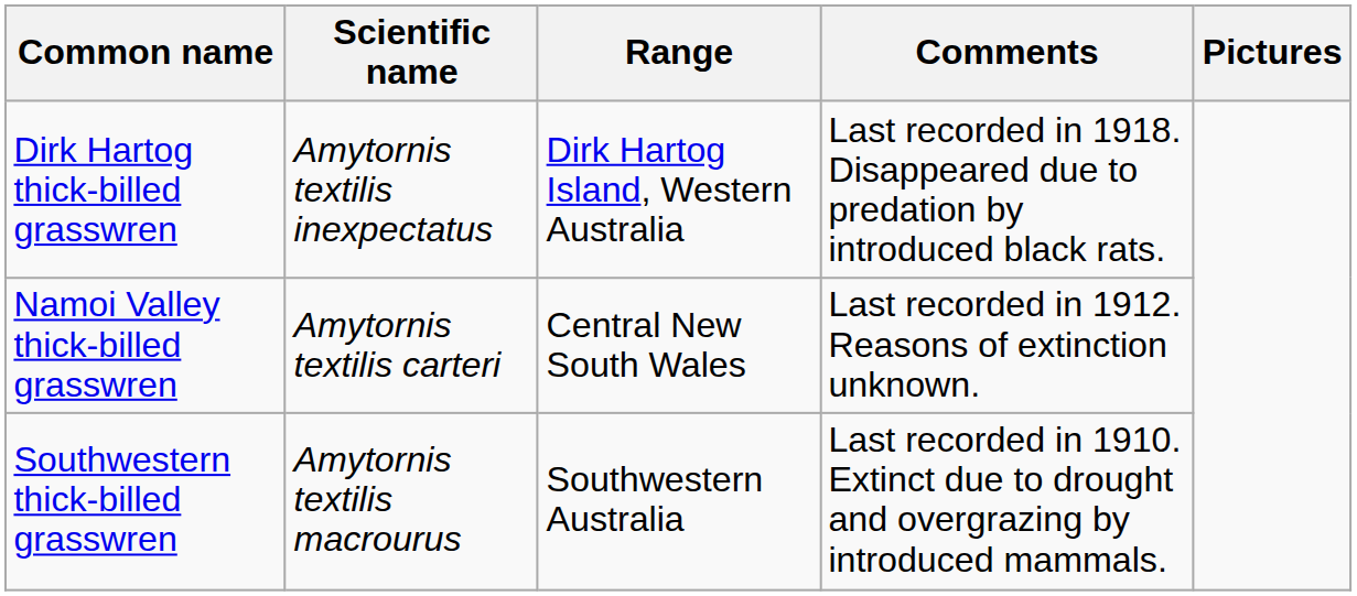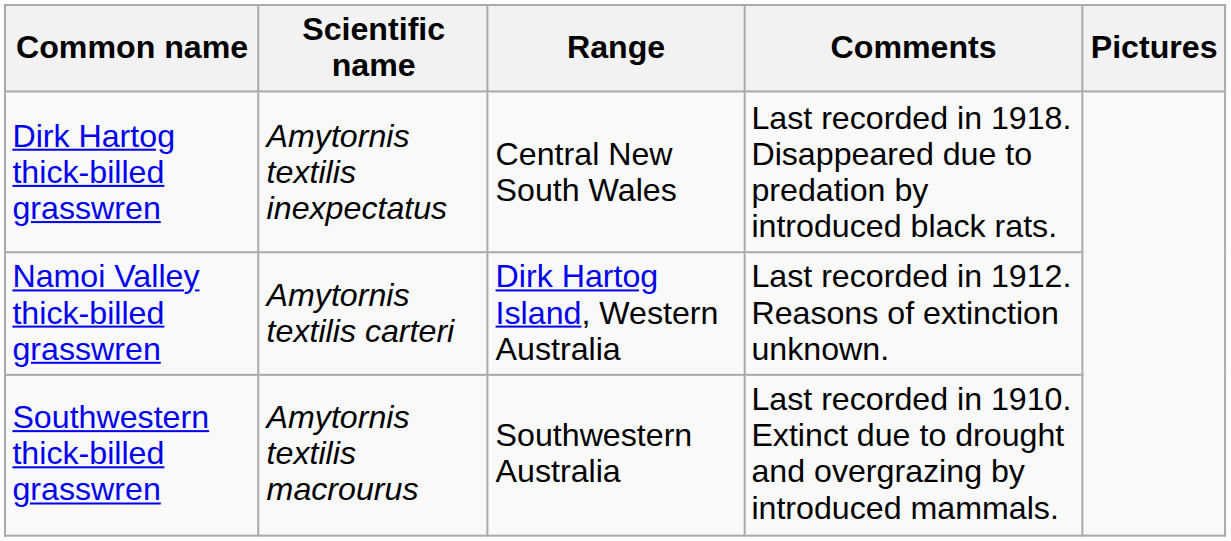 <table class="wikitable">
 <tr>
 <th>Common name</th>
 <th>Scientific name</th>
 <th>Range</th>
 <th class="unsortable">Comments</th>
 <th class="unsortable">Pictures</th>
 </tr>
 <tr>
 <td><a href='#'>Dirk Hartog thick-billed grasswren</a></td>
 <td><em>Amytornis textilis inexpectatus</em></td>
-<td><a href='#'>Dirk Hartog Island</a>, Western Australia</td>
+<td>Central New South Wales</td>
 <td>Last recorded in 1918. Disappeared due to predation by introduced black rats.</td>
 <td rowspan="3"></td>
 </tr>
 <tr>
 <td><a href='#'>Namoi Valley thick-billed grasswren</a></td>
 <td><em>Amytornis textilis carteri</em></td>
-<td>Central New South Wales</td>
+<td><a href='#'>Dirk Hartog Island</a>, Western Australia</td>
 <td>Last recorded in 1912. Reasons of extinction unknown.</td>
 </tr>
 <tr>
 <td><a href='#'>Southwestern thick-billed grasswren</a></td>
 <td><em>Amytornis textilis macrourus</em></td>
 <td>Southwestern Australia</td>
 <td>Last recorded in 1910. Extinct due to drought and overgrazing by introduced mammals.</td>
 </tr>
 </table>
